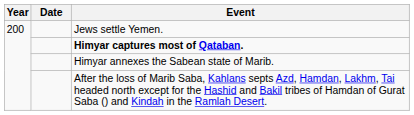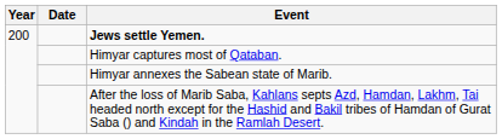 <table class="wikitable" width="100%">
 <tr>
 <th style="width:6%">Year</th>
 <th style="width:10%">Date</th>
 <th>Event</th>
 </tr>
 <tr>
 <td rowspan="4" valign="top">200</td>
 <td></td>
-<td>Jews settle Yemen.</td>
+<td><strong>Jews settle Yemen.</strong></td>
 </tr>
 <tr>
 <td></td>
-<td><strong>Himyar captures most of <a href='#'>Qataban</a>.</strong></td>
+<td>Himyar captures most of <a href='#'>Qataban</a>.</td>
 </tr>
 <tr>
 <td></td>
 <td>Himyar annexes the Sabean state of Marib.</td>
 </tr>
 <tr>
 <td></td>
 <td>After the loss of Marib Saba, <a href='#'>Kahlans</a> septs <a href='#'>Azd</a>, <a href='#'>Hamdan</a>, <a href='#'>Lakhm</a>, <a href='#'>Tai</a> headed north except for the <a href='#'>Hashid</a> and <a href='#'>Bakil</a> tribes of Hamdan of Gurat Saba () and <a href='#'>Kindah</a> in the <a href='#'>Ramlah Desert</a>.</td>
 </tr>
 </table>
